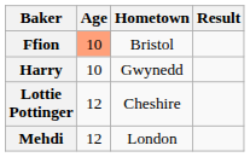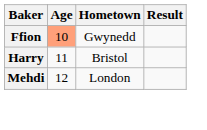 <table class="wikitable sortable" style="display:inline-table; text-align:center">
 <tr>
 <th scope="col">Baker</th>
 <th scope="col">Age</th>
 <th scope="col">Hometown</th>
 <th scope="col">Result</th>
 </tr>
 <tr>
 <th scope="row">Ffion</th>
 <td style="background: lightsalmon;">10</td>
-<td>Bristol</td>
+<td>Gwynedd</td>
 <td></td>
 </tr>
 <tr>
 <th scope="row">Harry</th>
-<td>10</td>
-<td>Gwynedd</td>
-<td></td>
-</tr>
-<tr>
-<th scope="row">Lottie<br>Pottinger</th>
-<td>12</td>
-<td>Cheshire</td>
+<td>11</td>
+<td>Bristol</td>
 <td></td>
 </tr>
 <tr>
 <th scope="row">Mehdi</th>
 <td>12</td>
 <td>London</td>
 <td></td>
 </tr>
 </table>
